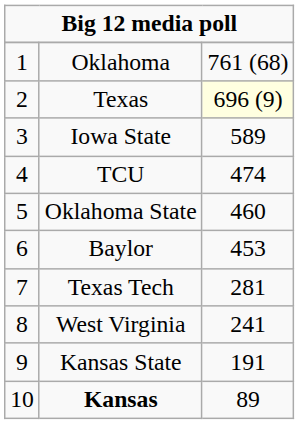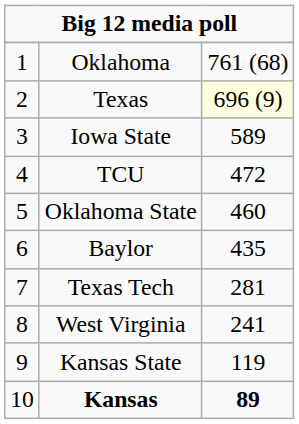 <table class="wikitable" style="display: inline-table;">
 <tr>
 <td align="center" Colspan="3"><strong>Big 12 media poll</strong></td>
 </tr>
 <tr align="center">
 </tr>
 <tr align="center">
 <td>1</td>
 <td>Oklahoma</td>
 <td>761 (68)</td>
 </tr>
 <tr align="center">
 <td>2</td>
 <td>Texas</td>
 <td style="background: lightyellow;">696 (9)</td>
 </tr>
 <tr align="center">
 <td>3</td>
 <td>Iowa State</td>
 <td>589</td>
 </tr>
 <tr align="center">
 <td>4</td>
 <td>TCU</td>
-<td>474</td>
+<td>472</td>
 </tr>
 <tr align="center">
 <td>5</td>
 <td>Oklahoma State</td>
 <td>460</td>
 </tr>
 <tr align="center">
 <td>6</td>
 <td>Baylor</td>
-<td>453</td>
+<td>435</td>
 </tr>
 <tr align="center">
 <td>7</td>
 <td>Texas Tech</td>
 <td>281</td>
 </tr>
 <tr align="center">
 <td>8</td>
 <td>West Virginia</td>
 <td>241</td>
 </tr>
 <tr align="center">
 <td>9</td>
 <td>Kansas State</td>
-<td>191</td>
+<td>119</td>
 </tr>
 <tr align="center">
 <td>10</td>
 <td><strong>Kansas</strong></td>
-<td>89</td>
+<td><strong>89</strong></td>
 </tr>
 </table>
